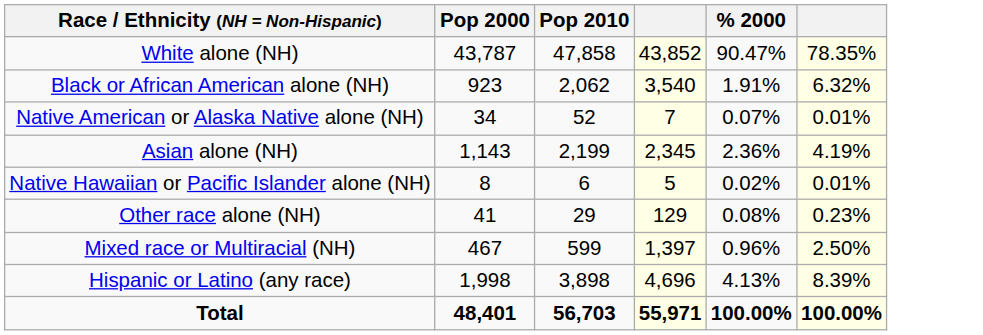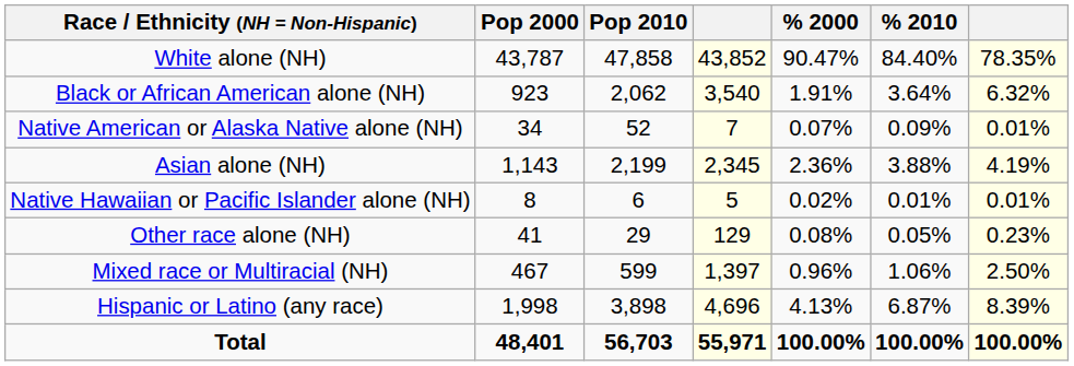 <table class="wikitable" style="text-align:center;">
 <tr>
 <th>Race / Ethnicity <small>(<em>NH = Non-Hispanic</em>)</small></th>
 <th>Pop 2000</th>
 <th>Pop 2010</th>
 <th></th>
 <th>% 2000</th>
+<th>% 2010</th>
 <th></th>
 </tr>
 <tr>
 <td><a href='#'>White</a> alone (NH)</td>
 <td>43,787</td>
 <td>47,858</td>
 <td style='background: #ffffe6;'>43,852</td>
 <td>90.47%</td>
+<td>84.40%</td>
 <td style='background: #ffffe6;'>78.35%</td>
 </tr>
 <tr>
 <td><a href='#'>Black or African American</a> alone (NH)</td>
 <td>923</td>
 <td>2,062</td>
 <td style='background: #ffffe6;'>3,540</td>
 <td>1.91%</td>
+<td>3.64%</td>
 <td style='background: #ffffe6;'>6.32%</td>
 </tr>
 <tr>
 <td><a href='#'>Native American</a> or <a href='#'>Alaska Native</a> alone (NH)</td>
 <td>34</td>
 <td>52</td>
 <td style='background: #ffffe6;'>7</td>
 <td>0.07%</td>
+<td>0.09%</td>
 <td style='background: #ffffe6;'>0.01%</td>
 </tr>
 <tr>
 <td><a href='#'>Asian</a> alone (NH)</td>
 <td>1,143</td>
 <td>2,199</td>
 <td style='background: #ffffe6;'>2,345</td>
 <td>2.36%</td>
+<td>3.88%</td>
 <td style='background: #ffffe6;'>4.19%</td>
 </tr>
 <tr>
 <td><a href='#'>Native Hawaiian</a> or <a href='#'>Pacific Islander</a> alone (NH)</td>
 <td>8</td>
 <td>6</td>
 <td style='background: #ffffe6;'>5</td>
 <td>0.02%</td>
+<td>0.01%</td>
 <td style='background: #ffffe6;'>0.01%</td>
 </tr>
 <tr>
 <td><a href='#'>Other race</a> alone (NH)</td>
 <td>41</td>
 <td>29</td>
 <td style='background: #ffffe6;'>129</td>
 <td>0.08%</td>
+<td>0.05%</td>
 <td style='background: #ffffe6;'>0.23%</td>
 </tr>
 <tr>
 <td><a href='#'>Mixed race or Multiracial</a> (NH)</td>
 <td>467</td>
 <td>599</td>
 <td style='background: #ffffe6;'>1,397</td>
 <td>0.96%</td>
+<td>1.06%</td>
 <td style='background: #ffffe6;'>2.50%</td>
 </tr>
 <tr>
 <td><a href='#'>Hispanic or Latino</a> (any race)</td>
 <td>1,998</td>
 <td>3,898</td>
 <td style='background: #ffffe6;'>4,696</td>
 <td>4.13%</td>
+<td>6.87%</td>
 <td style='background: #ffffe6;'>8.39%</td>
 </tr>
 <tr>
 <td><strong>Total</strong></td>
 <td><strong>48,401</strong></td>
 <td><strong>56,703</strong></td>
 <td style='background: #ffffe6;'><strong>55,971</strong></td>
 <td><strong>100.00%</strong></td>
+<td><strong>100.00%</strong></td>
 <td style='background: #ffffe6;'><strong>100.00%</strong></td>
 </tr>
 </table>
